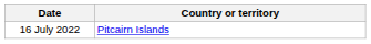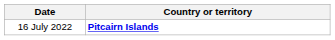 <table class="wikitable sortable">
 <tr>
 <th style="width:8em;">Date</th>
 <th style="width:25em;">Country or territory</th>
 </tr>
 <tr style="background:#fff;">
 <td style="text-align:center;">16 July 2022</td>
-<td> <a href='#'>Pitcairn Islands</a></td>
+<td><strong> <a href='#'>Pitcairn Islands</a></strong></td>
 </tr>
 </table>
